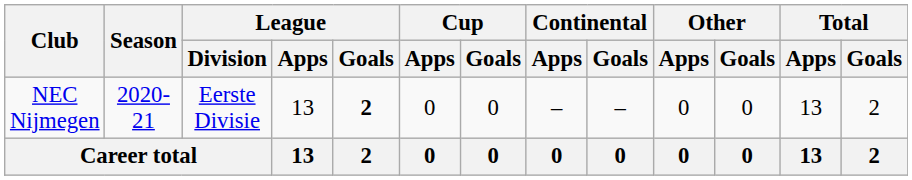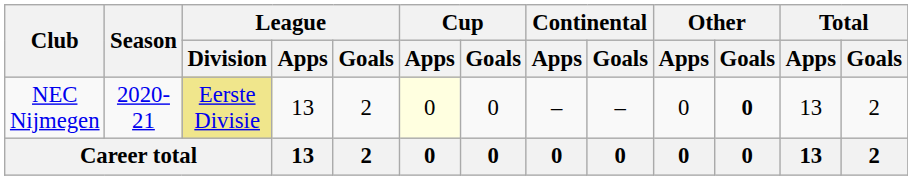 <table class="wikitable" style="text-align: center">
 <tr>
 <th rowspan="2">Club</th>
 <th rowspan="2">Season</th>
 <th colspan="3">League</th>
 <th colspan="2">Cup</th>
 <th colspan="2">Continental</th>
 <th colspan="2">Other</th>
 <th colspan="2">Total</th>
 </tr>
 <tr>
 <th>Division</th>
 <th>Apps</th>
 <th>Goals</th>
 <th>Apps</th>
 <th>Goals</th>
 <th>Apps</th>
 <th>Goals</th>
 <th>Apps</th>
 <th>Goals</th>
 <th>Apps</th>
 <th>Goals</th>
 </tr>
 <tr>
 <td><a href='#'>NEC Nijmegen</a></td>
 <td><a href='#'>2020-21</a></td>
-<td><a href='#'>Eerste Divisie</a></td>
+<td style="background: khaki;"><a href='#'>Eerste Divisie</a></td>
 <td>13</td>
-<td><strong>2</strong></td>
-<td>0</td>
+<td>2</td>
+<td style="background: lightyellow;">0</td>
 <td>0</td>
 <td>–</td>
 <td>–</td>
 <td>0</td>
-<td>0</td>
+<td><strong>0</strong></td>
 <td>13</td>
 <td>2</td>
 </tr>
 <tr>
 <th colspan="3"><strong>Career total</strong></th>
 <th>13</th>
 <th>2</th>
 <th>0</th>
 <th>0</th>
 <th>0</th>
 <th>0</th>
 <th>0</th>
 <th>0</th>
 <th>13</th>
 <th>2</th>
 </tr>
 </table>
